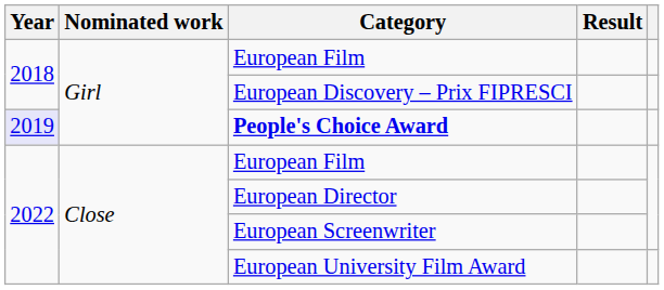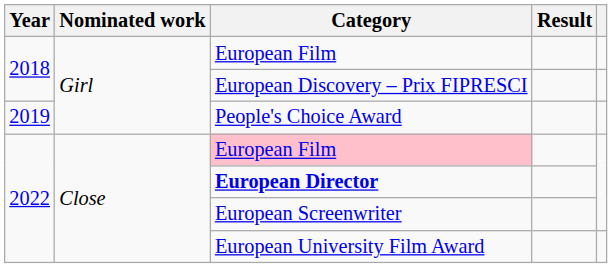 <table class="wikitable sortable">
 <tr>
 <th>Year</th>
 <th>Nominated work</th>
 <th>Category</th>
 <th>Result</th>
 <th class="unsortable"></th>
 </tr>
 <tr>
 <td rowspan="2"><a href='#'>2018</a></td>
 <td rowspan="3"><em>Girl</em></td>
 <td><a href='#'>European Film</a></td>
 <td></td>
 <td></td>
 </tr>
 <tr>
 <td><a href='#'>European Discovery – Prix FIPRESCI</a></td>
 <td></td>
 <td></td>
 </tr>
 <tr>
-<td style="background: lavender;"><a href='#'>2019</a></td>
-<td><strong><a href='#'>People's Choice Award</a></strong></td>
+<td><a href='#'>2019</a></td>
+<td><a href='#'>People's Choice Award</a></td>
 <td></td>
 <td></td>
 </tr>
 <tr>
 <td rowspan="6"><a href='#'>2022</a></td>
 <td rowspan="4"><em>Close</em></td>
-<td><a href='#'>European Film</a></td>
+<td style="background: pink;"><a href='#'>European Film</a></td>
 <td></td>
 <td rowspan="3"></td>
 </tr>
 <tr>
-<td><a href='#'>European Director</a></td>
+<td><strong><a href='#'>European Director</a></strong></td>
 <td></td>
 </tr>
 <tr>
 <td><a href='#'>European Screenwriter</a></td>
 <td></td>
 </tr>
 <tr>
 <td><a href='#'>European University Film Award</a></td>
 <td></td>
 <td></td>
 </tr>
 </table>
